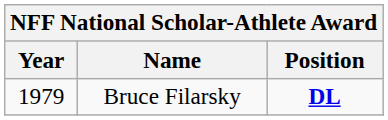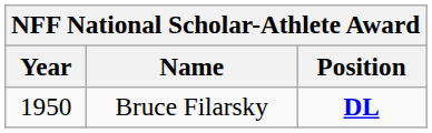 <table class="wikitable">
 <tr align="center">
 <th colspan=5>NFF National Scholar-Athlete Award</th>
 </tr>
 <tr>
 <th>Year</th>
 <th>Name</th>
 <th>Position</th>
 </tr>
 <tr align="center" bgcolor="">
-<td>1979</td>
+<td>1950</td>
 <td>Bruce Filarsky</td>
 <td><strong><a href='#'>DL</a></strong></td>
 </tr>
 </table>
